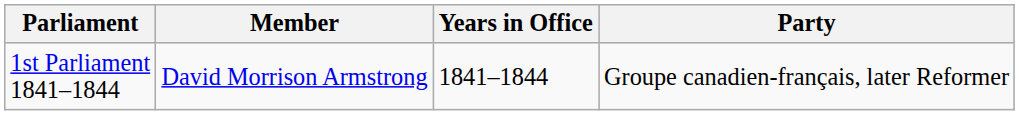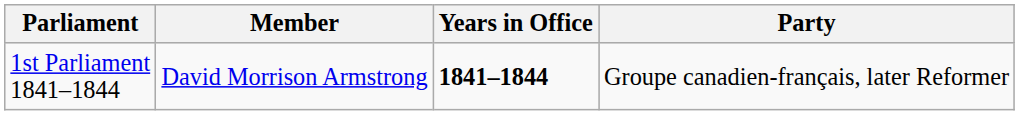 <table class="wikitable">
 <tr>
 <th>Parliament</th>
 <th colspan="2">Member</th>
 <th>Years in Office</th>
 <th>Party</th>
 </tr>
 <tr>
 <td><a href='#'>1st Parliament</a><br>1841–1844</td>
 <td colspan="2"><a href='#'>David Morrison Armstrong</a></td>
-<td>1841–1844</td>
+<td><strong>1841–1844</strong></td>
 <td>Groupe canadien-français, later Reformer</td>
 </tr>
 </table>
